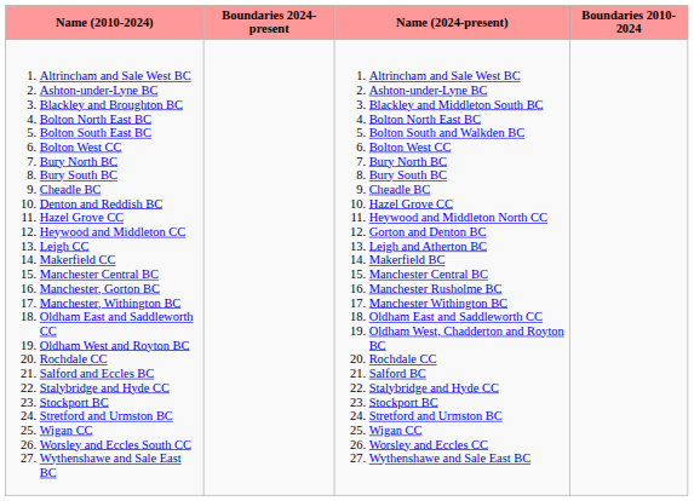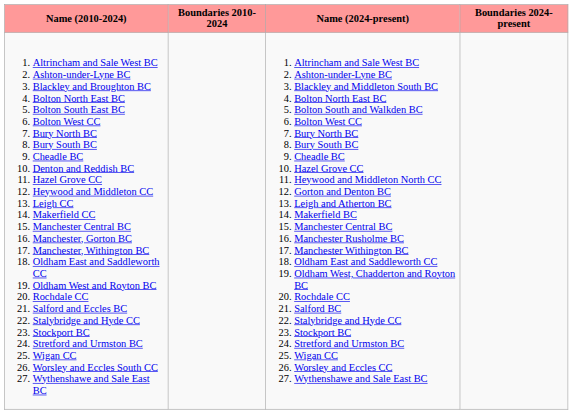 <table class="wikitable">
 <tr>
 <th style="background-color:#ff9999">Name (2010-2024)</th>
+<th style="background-color:#ff9999">Boundaries 2010-2024</th>
+<th style="background-color:#ff9999">Name (2024-present)</th>
 <th style="background-color:#ff9999">Boundaries 2024-present</th>
-<th style="background-color:#ff9999">Name (2024-present)</th>
-<th style="background-color:#ff9999">Boundaries 2010-2024</th>
 </tr>
 <tr>
 <td valign="top"><br><ol><li><a href='#'>Altrincham and Sale West BC</a></li><li><a href='#'>Ashton-under-Lyne BC</a></li><li><a href='#'>Blackley and Broughton BC</a></li><li><a href='#'>Bolton North East BC</a></li><li><a href='#'>Bolton South East BC</a></li><li><a href='#'>Bolton West CC</a></li><li><a href='#'>Bury North BC</a></li><li><a href='#'>Bury South BC</a></li><li><a href='#'>Cheadle BC</a></li><li><a href='#'>Denton and Reddish BC</a></li><li><a href='#'>Hazel Grove CC</a></li><li><a href='#'>Heywood and Middleton CC</a></li><li><a href='#'>Leigh CC</a></li><li><a href='#'>Makerfield CC</a></li><li><a href='#'>Manchester Central BC</a></li><li><a href='#'>Manchester, Gorton BC</a></li><li><a href='#'>Manchester, Withington BC</a></li><li><a href='#'>Oldham East and Saddleworth CC</a></li><li><a href='#'>Oldham West and Royton BC</a></li><li><a href='#'>Rochdale CC</a></li><li><a href='#'>Salford and Eccles BC</a></li><li><a href='#'>Stalybridge and Hyde CC</a></li><li><a href='#'>Stockport BC</a></li><li><a href='#'>Stretford and Urmston BC</a></li><li><a href='#'>Wigan CC</a></li><li><a href='#'>Worsley and Eccles South CC</a></li><li><a href='#'>Wythenshawe and Sale East BC</a></li></ol></td>
 <td></td>
 <td valign="top"><br><ol><li><a href='#'>Altrincham and Sale West BC</a></li><li><a href='#'>Ashton-under-Lyne BC</a></li><li><a href='#'>Blackley and Middleton South BC</a></li><li><a href='#'>Bolton North East BC</a></li><li><a href='#'>Bolton South and Walkden BC</a></li><li><a href='#'>Bolton West CC</a></li><li><a href='#'>Bury North BC</a></li><li><a href='#'>Bury South BC</a></li><li><a href='#'>Cheadle BC</a></li><li><a href='#'>Hazel Grove CC</a></li><li><a href='#'>Heywood and Middleton North CC</a></li><li><a href='#'>Gorton and Denton BC</a></li><li><a href='#'>Leigh and Atherton BC</a></li><li><a href='#'>Makerfield BC</a></li><li><a href='#'>Manchester Central BC</a></li><li><a href='#'>Manchester Rusholme BC</a></li><li><a href='#'>Manchester Withington BC</a></li><li><a href='#'>Oldham East and Saddleworth CC</a></li><li><a href='#'>Oldham West, Chadderton and Royton BC</a></li><li><a href='#'>Rochdale CC</a></li><li><a href='#'>Salford BC</a></li><li><a href='#'>Stalybridge and Hyde CC</a></li><li><a href='#'>Stockport BC</a></li><li><a href='#'>Stretford and Urmston BC</a></li><li><a href='#'>Wigan CC</a></li><li><a href='#'>Worsley and Eccles CC</a></li><li><a href='#'>Wythenshawe and Sale East BC</a></li></ol></td>
 <td></td>
 </tr>
 </table>
